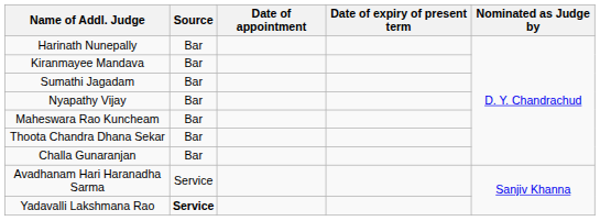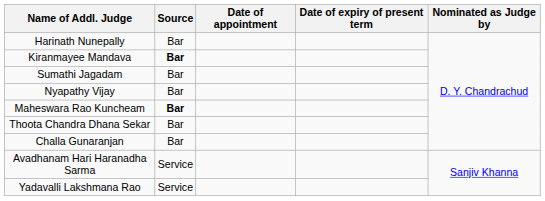 <table class="wikitable sortable static-row-numbers static-row-header" style="text-align:center" width="92%">
 <tr>
 <th>Name of Addl. Judge</th>
 <th>Source</th>
 <th>Date of appointment</th>
 <th>Date of expiry of present term</th>
 <th>Nominated as Judge by</th>
 </tr>
 <tr>
 <td>Harinath Nunepally</td>
 <td>Bar</td>
 <td></td>
 <td></td>
 <td rowspan="7"><a href='#'>D. Y. Chandrachud</a></td>
 </tr>
 <tr>
 <td>Kiranmayee Mandava</td>
-<td>Bar</td>
+<td><strong>Bar</strong></td>
 <td></td>
 <td></td>
 </tr>
 <tr>
 <td>Sumathi Jagadam</td>
 <td>Bar</td>
 <td></td>
 <td></td>
 </tr>
 <tr>
 <td>Nyapathy Vijay</td>
 <td>Bar</td>
 <td></td>
 <td></td>
 </tr>
 <tr>
 <td>Maheswara Rao Kuncheam</td>
-<td>Bar</td>
+<td><strong>Bar</strong></td>
 <td></td>
 <td></td>
 </tr>
 <tr>
 <td>Thoota Chandra Dhana Sekar</td>
 <td>Bar</td>
 <td></td>
 <td></td>
 </tr>
 <tr>
 <td>Challa Gunaranjan</td>
 <td>Bar</td>
 <td></td>
 <td></td>
 </tr>
 <tr>
 <td>Avadhanam Hari Haranadha Sarma</td>
 <td>Service</td>
 <td></td>
 <td></td>
 <td rowspan="2"><a href='#'>Sanjiv Khanna</a></td>
 </tr>
 <tr>
 <td>Yadavalli Lakshmana Rao</td>
-<td><strong>Service</strong></td>
+<td>Service</td>
 <td></td>
 <td></td>
 </tr>
 </table>
